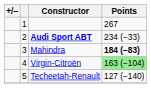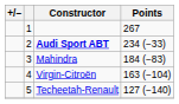 <table class="wikitable" style="font-size: 85%">
 <tr>
 <th scope="col">+/–</th>
 <th scope="col"></th>
 <th scope="col">Constructor</th>
 <th scope="col">Points</th>
 </tr>
 <tr>
 <td align="left"></td>
 <td align="center">1</td>
 <td> <strong><a href='#'></a></strong></td>
 <td align="left">267</td>
 </tr>
 <tr>
 <td align="left"></td>
 <td align="center">2</td>
 <td> <strong><a href='#'>Audi Sport ABT</a></strong></td>
 <td align="left">234 (−33)</td>
 </tr>
 <tr>
 <td align="left"></td>
 <td align="center">3</td>
 <td> <a href='#'>Mahindra</a></td>
-<td align="left"><strong>184 (−83)</strong></td>
+<td align="left">184 (−83)</td>
 </tr>
 <tr>
 <td align="left"></td>
 <td align="center">4</td>
 <td> <a href='#'>Virgin-Citroën</a></td>
-<td align="left" style="background: lightgreen;">163 (−104)</td>
+<td align="left">163 (−104)</td>
 </tr>
 <tr>
 <td align="left"></td>
 <td align="center">5</td>
 <td> <a href='#'>Techeetah-Renault</a></td>
 <td align="left">127 (−140)</td>
 </tr>
 <tr>
 </tr>
 </table>
